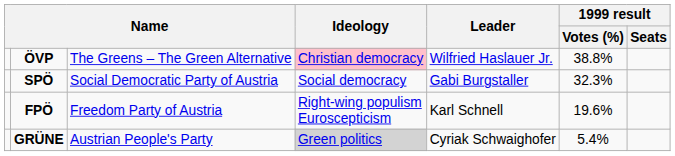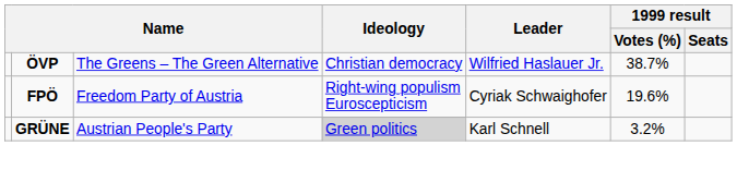 <table class="wikitable">
 <tr>
 <th rowspan="2" colspan="3">Name</th>
 <th rowspan="2">Ideology</th>
 <th rowspan="2">Leader</th>
 <th colspan="2">1999 result</th>
 </tr>
 <tr>
 <th>Votes (%)</th>
 <th>Seats</th>
 </tr>
 <tr>
 <td style="background:"></td>
 <td style="text-align:center;"><strong>ÖVP</strong></td>
 <td><a href='#'>The Greens – The Green Alternative</a><br></td>
-<td style="background: pink;"><a href='#'>Christian democracy</a></td>
+<td><a href='#'>Christian democracy</a></td>
 <td><a href='#'>Wilfried Haslauer Jr.</a></td>
-<td style="text-align:center;">38.8%</td>
-<td></td>
-</tr>
-<tr>
-<td style="background:"></td>
-<td style="text-align:center;"><strong>SPÖ</strong></td>
-<td><a href='#'>Social Democratic Party of Austria</a><br></td>
-<td><a href='#'>Social democracy</a></td>
-<td><a href='#'>Gabi Burgstaller</a></td>
-<td style="text-align:center;">32.3%</td>
+<td style="text-align:center;">38.7%</td>
 <td></td>
 </tr>
 <tr>
 <td style="background:"></td>
 <td style="text-align:center;"><strong>FPÖ</strong></td>
 <td><a href='#'>Freedom Party of Austria</a><br></td>
 <td><a href='#'>Right-wing populism</a><br><a href='#'>Euroscepticism</a></td>
-<td>Karl Schnell</td>
+<td>Cyriak Schwaighofer</td>
 <td style="text-align:center;">19.6%</td>
 <td></td>
 </tr>
 <tr>
 <td style="background:"></td>
 <td style="text-align:center;"><strong>GRÜNE</strong></td>
 <td><a href='#'>Austrian People's Party</a><br></td>
 <td style="background: lightgrey;"><a href='#'>Green politics</a></td>
-<td>Cyriak Schwaighofer</td>
-<td style="text-align:center;">5.4%</td>
+<td>Karl Schnell</td>
+<td style="text-align:center;">3.2%</td>
 <td></td>
 </tr>
 </table>
